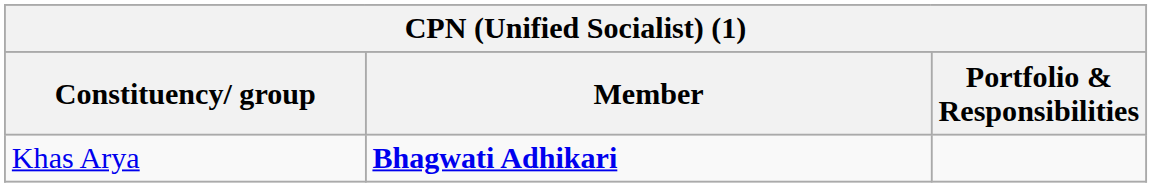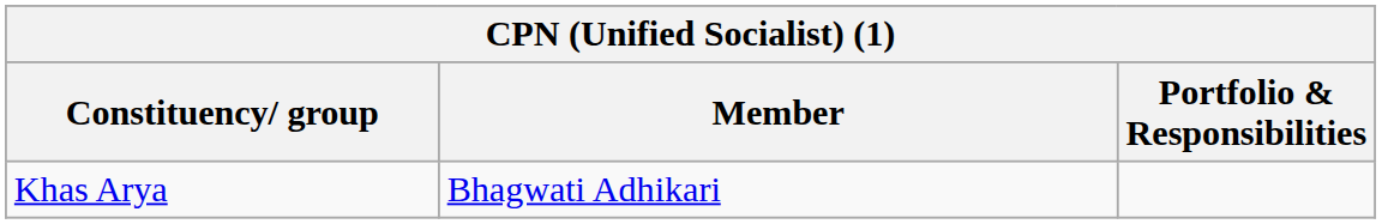 <table class="wikitable">
 <tr>
 <th colspan="3" style="width: 800pt; background:">CPN (Unified Socialist) (1)</th>
 </tr>
 <tr>
 <th style="width:150pt;">Constituency/ group</th>
 <th style="width:250pt;">Member</th>
 <th>Portfolio & Responsibilities</th>
 </tr>
 <tr>
 <td><a href='#'>Khas Arya</a></td>
-<td><strong><a href='#'>Bhagwati Adhikari</a></strong></td>
+<td><a href='#'>Bhagwati Adhikari</a></td>
 <td></td>
 </tr>
 </table>
